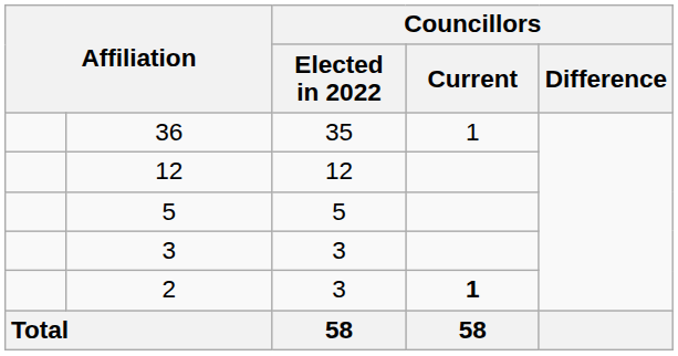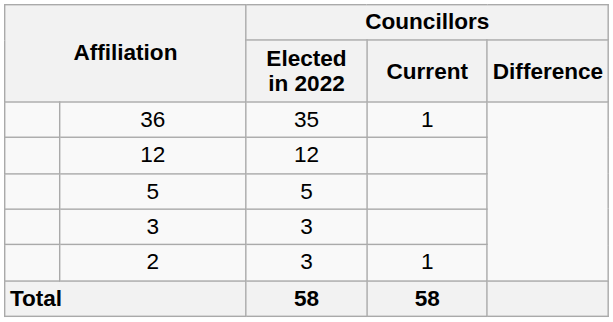 <table class="wikitable" style="text-align:center;">
 <tr>
 <th colspan="2" rowspan="2" class=unsortable style="width:40%; vertical-align:middle;">Affiliation</th>
 <th colspan="3"                              style="vertical-align:top;">Councillors</th>
 </tr>
 <tr>
 <th data-sort-type=number style="width:20%;">Elected <br>in 2022</th>
 <th style="width:20%;">Current</th>
 <th style="width:20%;">Differ­ence</th>
 </tr>
 <tr>
 <td></td>
 <td>36</td>
 <td>35</td>
 <td> 1</td>
 </tr>
 <tr>
 <td></td>
 <td>12</td>
 <td>12</td>
 <td></td>
 </tr>
 <tr>
 <td></td>
 <td>5</td>
 <td>5</td>
 <td></td>
 </tr>
 <tr>
 <td></td>
 <td>3</td>
 <td>3</td>
 <td></td>
 </tr>
 <tr>
 <td></td>
 <td>2</td>
 <td>3</td>
-<td><strong> 1</strong></td>
+<td> 1</td>
 </tr>
 <tr>
 <th colspan="2" style="text-align:left;">Total</th>
 <th>58</th>
 <th>58</th>
 <th></th>
 </tr>
 </table>
